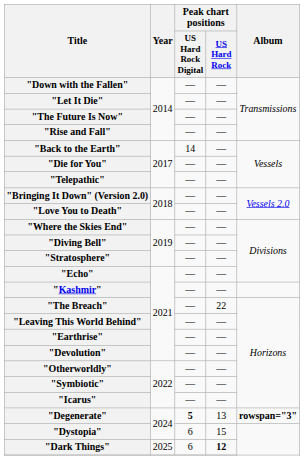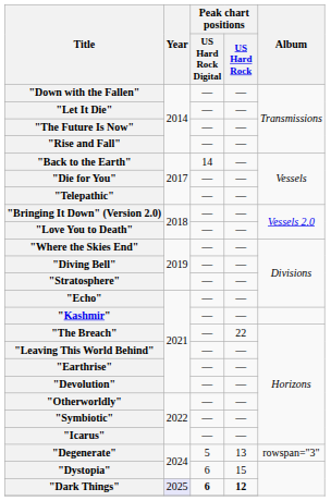 <table class="wikitable plainrowheaders" style="text-align:center">
 <tr>
 <th scope="col" rowspan="2">Title</th>
 <th scope="col" rowspan="2">Year</th>
 <th scope="col" colspan="2">Peak chart positions</th>
 <th scope="col" rowspan="2">Album</th>
 </tr>
 <tr>
 <th scope="col" style="width:3em;font-size:90%;">US Hard Rock Digital<br></th>
 <th scope="col" style="width:3em;font-size:90%;"><a href='#'>US Hard Rock</a></th>
 </tr>
 <tr>
 <th scope="row">"Down with the Fallen"</th>
 <td rowspan="4">2014</td>
 <td>—</td>
 <td>—</td>
 <td rowspan="4"><em>Transmissions</em></td>
 </tr>
 <tr>
 <th scope="row">"Let It Die"</th>
 <td>—</td>
 <td>—</td>
 </tr>
 <tr>
 <th scope="row">"The Future Is Now"</th>
 <td>—</td>
 <td>—</td>
 </tr>
 <tr>
 <th scope="row">"Rise and Fall"</th>
 <td>—</td>
 <td>—</td>
 </tr>
 <tr>
 <th scope="row">"Back to the Earth"</th>
 <td rowspan="3">2017</td>
 <td>14</td>
 <td>—</td>
 <td rowspan="3"><em>Vessels</em></td>
 </tr>
 <tr>
 <th scope="row">"Die for You"</th>
 <td>—</td>
 <td>—</td>
 </tr>
 <tr>
 <th scope="row">"Telepathic"</th>
 <td>—</td>
 <td>—</td>
 </tr>
 <tr>
 <th scope="row">"Bringing It Down" (Version 2.0)</th>
 <td rowspan="2">2018</td>
 <td>—</td>
 <td>—</td>
 <td rowspan="2"><em><a href='#'>Vessels 2.0</a></em></td>
 </tr>
 <tr>
 <th scope="row">"Love You to Death"</th>
 <td>—</td>
 <td>—</td>
 </tr>
 <tr>
 <th scope="row">"Where the Skies End"</th>
 <td rowspan="3">2019</td>
 <td>—</td>
 <td>—</td>
 <td rowspan="4"><em>Divisions</em></td>
 </tr>
 <tr>
 <th scope="row">"Diving Bell"</th>
 <td>—</td>
 <td>—</td>
 </tr>
 <tr>
 <th scope="row">"Stratosphere"</th>
 <td>—</td>
 <td>—</td>
 </tr>
 <tr>
 <th scope="row">"Echo"</th>
 <td rowspan="6">2021</td>
 <td>—</td>
 <td>—</td>
 </tr>
 <tr>
 <th scope="row">"<a href='#'>Kashmir</a>"</th>
 <td>—</td>
 <td>—</td>
 <td></td>
 </tr>
 <tr>
 <th scope="row">"The Breach"</th>
 <td>—</td>
 <td>22</td>
 <td rowspan="7"><em>Horizons</em></td>
 </tr>
 <tr>
 <th scope="row">"Leaving This World Behind"</th>
 <td>—</td>
 <td>—</td>
 </tr>
 <tr>
 <th scope="row">"Earthrise"</th>
 <td>—</td>
 <td>—</td>
 </tr>
 <tr>
 <th scope="row">"Devolution"</th>
 <td>—</td>
 <td>—</td>
 </tr>
 <tr>
 <th scope="row">"Otherworldly"</th>
 <td rowspan="3">2022</td>
 <td>—</td>
 <td>—</td>
 </tr>
 <tr>
 <th scope="row">"Symbiotic"</th>
 <td>—</td>
 <td>—</td>
 </tr>
 <tr>
 <th scope="row">"Icarus"</th>
 <td>—</td>
 <td>—</td>
 </tr>
 <tr>
 <th scope="row">"Degenerate"</th>
 <td rowspan="2">2024</td>
-<td><strong>5</strong></td>
+<td>5</td>
 <td>13</td>
-<td><strong>rowspan="3" </strong></td>
+<td>rowspan="3" </td>
 </tr>
 <tr>
 <th scope="row">"Dystopia"</th>
 <td>6</td>
 <td>15</td>
 </tr>
 <tr>
 <th scope="row">"Dark Things"</th>
-<td>2025</td>
-<td>6</td>
+<td style="background: lavender;">2025</td>
+<td><strong>6</strong></td>
 <td><strong>12</strong></td>
 </tr>
 <tr>
 </tr>
 </table>
